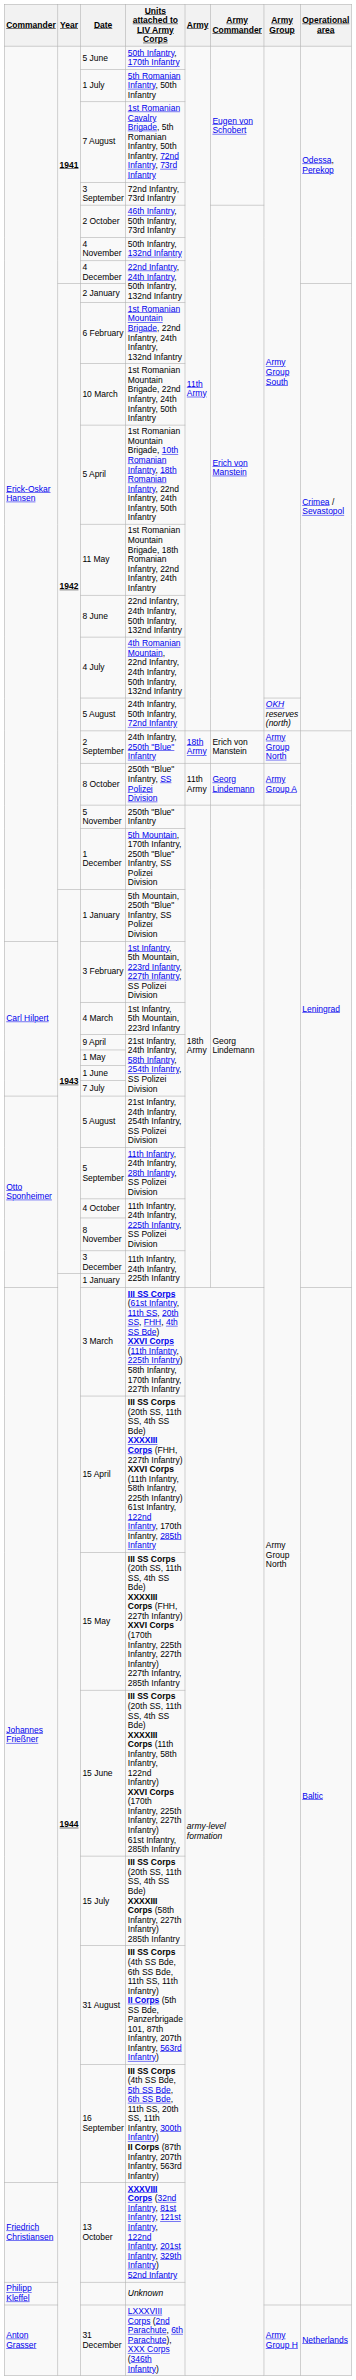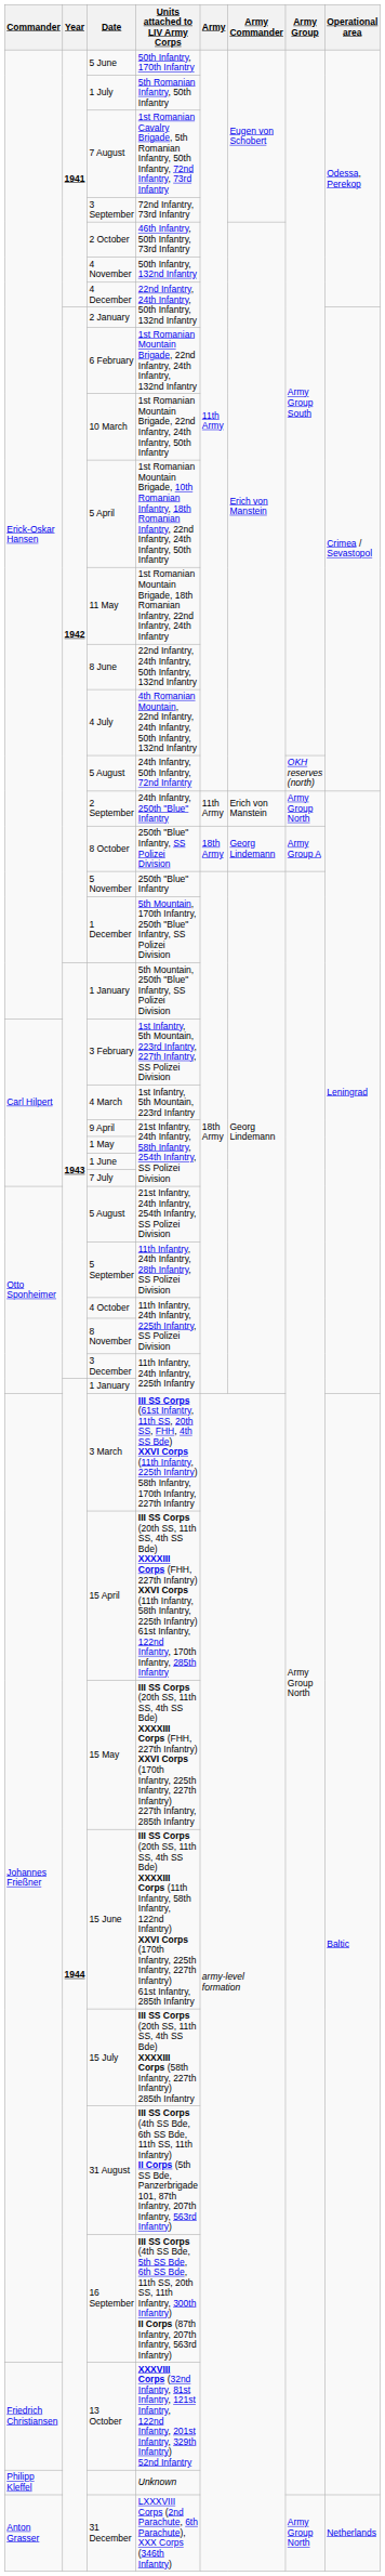 <table class="wikitable">
 <tr>
 <th><u>Commander</u></th>
 <th><u>Year</u></th>
 <th><u>Date</u></th>
 <th><u>Units attached to LIV Army Corps</u></th>
 <th><u>Army</u></th>
 <th><u>Army Commander</u></th>
 <th><u>Army Group</u></th>
 <th><u>Operational area</u></th>
 </tr>
 <tr>
 <td rowspan="20"><a href='#'>Erick-Oskar Hansen</a></td>
 <td rowspan="7"><strong><u>1941</u></strong></td>
 <td>5 June</td>
 <td><a href='#'>50th Infantry</a>, <a href='#'>170th Infantry</a></td>
 <td rowspan="15"><a href='#'>11th Army</a></td>
 <td rowspan="4"><a href='#'>Eugen von Schobert</a></td>
 <td rowspan="14"><a href='#'>Army Group South</a></td>
 <td rowspan="7"><a href='#'>Odessa</a>, <a href='#'>Perekop</a></td>
 </tr>
 <tr>
 <td>1 July</td>
 <td><a href='#'>5th Romanian Infantry</a>, 50th Infantry</td>
 </tr>
 <tr>
 <td>7 August</td>
 <td><a href='#'>1st Romanian Cavalry Brigade</a>, 5th Romanian Infantry, 50th Infantry, <a href='#'>72nd Infantry</a>, <a href='#'>73rd Infantry</a></td>
 </tr>
 <tr>
 <td>3 September</td>
 <td>72nd Infantry, 73rd Infantry</td>
 </tr>
 <tr>
 <td>2 October</td>
 <td><a href='#'>46th Infantry</a>, 50th Infantry, 73rd Infantry</td>
 <td rowspan="11"><a href='#'>Erich von Manstein</a></td>
 </tr>
 <tr>
 <td>4 November</td>
 <td>50th Infantry, <a href='#'>132nd Infantry</a></td>
 </tr>
 <tr>
 <td>4 December</td>
 <td rowspan="2"><a href='#'>22nd Infantry</a>, <a href='#'>24th Infantry</a>, 50th Infantry, 132nd Infantry</td>
 </tr>
 <tr>
 <td rowspan="12"><strong><u>1942</u></strong></td>
 <td>2 January</td>
 <td rowspan="8"><a href='#'>Crimea</a> / <a href='#'>Sevastopol</a></td>
 </tr>
 <tr>
 <td>6 February</td>
 <td><a href='#'>1st Romanian Mountain Brigade</a>, 22nd Infantry, 24th Infantry, 132nd Infantry</td>
 </tr>
 <tr>
 <td>10 March</td>
 <td>1st Romanian Mountain Brigade, 22nd Infantry, 24th Infantry, 50th Infantry</td>
 </tr>
 <tr>
 <td>5 April</td>
 <td>1st Romanian Mountain Brigade, <a href='#'>10th Romanian Infantry</a>, <a href='#'>18th Romanian Infantry</a>, 22nd Infantry, 24th Infantry, 50th Infantry</td>
 </tr>
 <tr>
 <td>11 May</td>
 <td>1st Romanian Mountain Brigade, 18th Romanian Infantry, 22nd Infantry, 24th Infantry</td>
 </tr>
 <tr>
 <td>8 June</td>
 <td>22nd Infantry, 24th Infantry, 50th Infantry, 132nd Infantry</td>
 </tr>
 <tr>
 <td>4 July</td>
 <td><a href='#'>4th Romanian Mountain</a>, 22nd Infantry, 24th Infantry, 50th Infantry, 132nd Infantry</td>
 </tr>
 <tr>
 <td>5 August</td>
 <td>24th Infantry, 50th Infantry, <a href='#'>72nd Infantry</a></td>
 <td><em><a href='#'>OKH</a> reserves (north)</em></td>
 </tr>
 <tr>
 <td>2 September</td>
 <td>24th Infantry, <a href='#'>250th "Blue" Infantry</a></td>
-<td><a href='#'>18th Army</a></td>
+<td>11th Army</td>
 <td>Erich von Manstein</td>
 <td><a href='#'>Army Group North</a></td>
 <td rowspan="17"><a href='#'>Leningrad</a></td>
 </tr>
 <tr>
 <td>8 October</td>
 <td>250th "Blue" Infantry, <a href='#'>SS Polizei Division</a></td>
-<td>11th Army</td>
+<td><a href='#'>18th Army</a></td>
 <td><a href='#'>Georg Lindemann</a></td>
 <td><a href='#'>Army Group A</a></td>
 </tr>
 <tr>
 <td>5 November</td>
 <td>250th "Blue" Infantry</td>
 <td rowspan="15">18th Army</td>
 <td rowspan="15">Georg Lindemann</td>
 <td rowspan="24">Army Group North</td>
 </tr>
 <tr>
 <td>1 December</td>
 <td><a href='#'>5th Mountain</a>, 170th Infantry, 250th "Blue" Infantry, SS Polizei Division</td>
 </tr>
 <tr>
 <td rowspan="12"><strong><u>1943</u></strong></td>
 <td>1 January</td>
 <td>5th Mountain, 250th "Blue" Infantry, SS Polizei Division</td>
 </tr>
 <tr>
 <td rowspan="6"><a href='#'>Carl Hilpert</a></td>
 <td>3 February</td>
 <td><a href='#'>1st Infantry</a>, 5th Mountain, <a href='#'>223rd Infantry</a>, <a href='#'>227th Infantry</a>, SS Polizei Division</td>
 </tr>
 <tr>
 <td>4 March</td>
 <td>1st Infantry, 5th Mountain, 223rd Infantry</td>
 </tr>
 <tr>
 <td>9 April</td>
 <td rowspan="4">21st Infantry, 24th Infantry, <a href='#'>58th Infantry</a>, <a href='#'>254th Infantry</a>, SS Polizei Division</td>
 </tr>
 <tr>
 <td>1 May</td>
 </tr>
 <tr>
 <td>1 June</td>
 </tr>
 <tr>
 <td>7 July</td>
 </tr>
 <tr>
 <td rowspan="6"><a href='#'>Otto Sponheimer</a></td>
 <td>5 August</td>
 <td>21st Infantry, 24th Infantry, 254th Infantry, SS Polizei Division</td>
 </tr>
 <tr>
 <td>5 September</td>
 <td><a href='#'>11th Infantry</a>, 24th Infantry, <a href='#'>28th Infantry</a>, SS Polizei Division</td>
 </tr>
 <tr>
 <td>4 October</td>
 <td rowspan="2">11th Infantry, 24th Infantry, <a href='#'>225th Infantry</a>, SS Polizei Division</td>
 </tr>
 <tr>
 <td>8 November</td>
 </tr>
 <tr>
 <td>3 December</td>
 <td rowspan="2">11th Infantry, 24th Infantry, 225th Infantry</td>
 </tr>
 <tr>
 <td rowspan="11"><strong><u>1944</u></strong></td>
 <td>1 January</td>
 </tr>
 <tr>
 <td rowspan="7"><a href='#'>Johannes Frießner</a></td>
 <td>3 March</td>
 <td><a href='#'><strong>III SS Corps</strong></a> (<a href='#'>61st Infantry</a>, <a href='#'>11th SS</a>, <a href='#'>20th SS</a>, <a href='#'>FHH</a>, <a href='#'>4th SS Bde</a>)<br><a href='#'><strong>XXVI Corps</strong></a> (<a href='#'>11th Infantry</a>, <a href='#'>225th Infantry</a>)<br>58th Infantry, 170th Infantry, 227th Infantry</td>
 <td colspan="2" rowspan="10"><em>army-level formation</em></td>
 <td rowspan="9"><a href='#'>Baltic</a></td>
 </tr>
 <tr>
 <td>15 April</td>
 <td><strong>III SS Corps</strong> (20th SS, 11th SS, 4th SS Bde)<br><a href='#'><strong>XXXXIII Corps</strong></a> (FHH, 227th Infantry)<br><strong>XXVI Corps</strong> (11th Infantry, 58th Infantry, 225th Infantry)<br>61st Infantry, <a href='#'>122nd Infantry</a>, 170th Infantry, <a href='#'>285th Infantry</a></td>
 </tr>
 <tr>
 <td>15 May</td>
 <td><strong>III SS Corps</strong> (20th SS, 11th SS, 4th SS Bde)<br><strong>XXXXIII Corps</strong> (FHH, 227th Infantry)<br><strong>XXVI Corps</strong> (170th Infantry, 225th Infantry, 227th Infantry)<br>227th Infantry, 285th Infantry</td>
 </tr>
 <tr>
 <td>15 June</td>
 <td><strong>III SS Corps</strong> (20th SS, 11th SS, 4th SS Bde)<br><strong>XXXXIII Corps</strong> (11th Infantry, 58th Infantry, 122nd Infantry)<br><strong>XXVI Corps</strong> (170th Infantry, 225th Infantry, 227th Infantry)<br>61st Infantry, 285th Infantry</td>
 </tr>
 <tr>
 <td>15 July</td>
 <td><strong>III SS Corps</strong> (20th SS, 11th SS, 4th SS Bde)<br><strong>XXXXIII Corps</strong> (58th Infantry, 227th Infantry)<br>285th Infantry</td>
 </tr>
 <tr>
 <td>31 August</td>
 <td><strong>III SS Corps</strong> (4th SS Bde, 6th SS Bde, 11th SS, 11th Infantry)<br><a href='#'><strong>II Corps</strong></a> (5th SS Bde, Panzerbrigade 101, 87th Infantry, 207th Infantry, <a href='#'>563rd Infantry</a>)</td>
 </tr>
 <tr>
 <td>16 September</td>
 <td><strong>III SS Corps</strong> (4th SS Bde, <a href='#'>5th SS Bde</a>, <a href='#'>6th SS Bde</a>, 11th SS, 20th SS, 11th Infantry, <a href='#'>300th Infantry</a>)<br><strong>II Corps</strong> (87th Infantry, 207th Infantry, 563rd Infantry)</td>
 </tr>
 <tr>
 <td><a href='#'>Friedrich Christiansen</a></td>
 <td>13 October</td>
 <td><a href='#'><strong>XXXVIII Corps</strong></a> (<a href='#'>32nd Infantry</a>, <a href='#'>81st Infantry</a>, <a href='#'>121st Infantry</a>, <a href='#'>122nd Infantry</a>, <a href='#'>201st Infantry</a>, <a href='#'>329th Infantry</a>)<br><a href='#'>52nd Infantry</a></td>
 </tr>
 <tr>
 <td><a href='#'>Philipp Kleffel</a></td>
 <td></td>
 <td><em>Unknown</em></td>
 </tr>
 <tr>
 <td><a href='#'>Anton Grasser</a></td>
 <td>31 December</td>
 <td><a href='#'>LXXXVIII Corps</a> (<a href='#'>2nd Parachute</a>, <a href='#'>6th Parachute</a>), <a href='#'>XXX Corps</a> (<a href='#'>346th Infantry</a>)</td>
-<td><a href='#'>Army Group H</a></td>
+<td><a href='#'>Army Group North</a></td>
 <td><a href='#'>Netherlands</a></td>
 </tr>
 </table>
